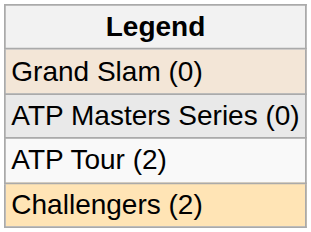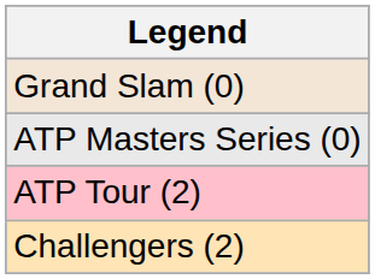 <table class="wikitable">
 <tr>
 <th>Legend</th>
 </tr>
 <tr bgcolor="#f3e6d7">
 <td>Grand Slam (0)</td>
 </tr>
 <tr bgcolor="#e9e9e9">
 <td>ATP Masters Series (0)</td>
 </tr>
 <tr>
-<td>ATP Tour (2)</td>
+<td style="background: pink;">ATP Tour (2)</td>
 </tr>
 <tr bgcolor="moccasin">
 <td>Challengers (2)</td>
 </tr>
 </table>
